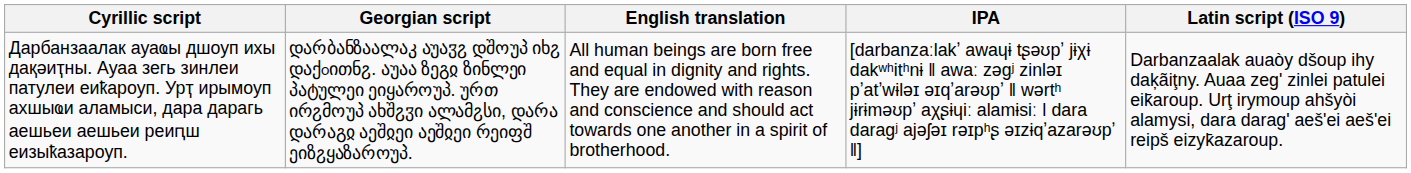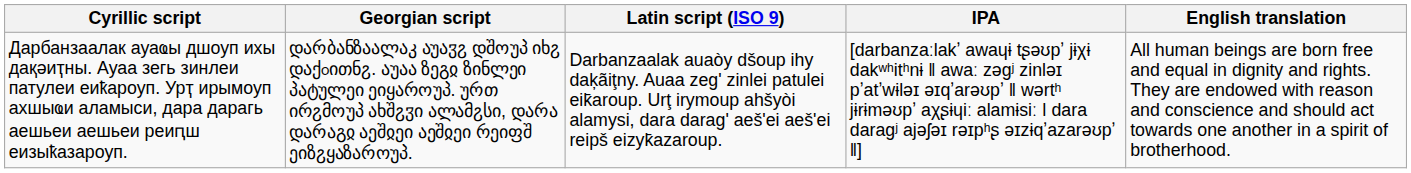 <table class="wikitable" style="table-layout:fixed;width:100%">
 <tr>
 <th>Cyrillic script</th>
 <th>Georgian script</th>
+<th>Latin script (<a href='#'>ISO 9</a>)</th>
+<th>IPA</th>
 <th>English translation</th>
-<th>IPA</th>
-<th>Latin script (<a href='#'>ISO 9</a>)</th>
 </tr>
 <tr>
 <td>Дарбанзаалак ауаҩы дшоуп ихы дақәиҭны. Ауаа зегь зинлеи патулеи еиҟароуп. Урҭ ирымоуп ахшыҩи аламыси, дара дарагь аешьеи аешьеи реиԥш еизыҟазароуп.</td>
 <td>დარბანზაალაკ აუაჳჷ დშოუპ იხჷ დაქჿითნჷ. აუაა ზეგჲ ზინლეი პატულეი ეიყაროუპ. ურთ ირჷმოუპ ახშჷჳი ალამჷსი, დარა დარაგჲ აეშჲეი აეშჲეი რეიფშ ეიზჷყაზაროუპ.</td>
+<td>Darbanzaalak auaòy dšoup ihy daķãiţny. Auaa zegʹ zinlei patulei eik̄aroup. Urţ irymoup ahšyòi alamysi, dara daragʹ aešʹei aešʹei reipš eizyk̄azaroup.</td>
+<td>[darbanzaːlakʼ awaɥɨ tʂəʊpʼ jɨχɨ dakʷʰitʰnɨ ǁ awaː zəgʲ zinləɪ pʼatʼwɨləɪ əɪqʼarəʊpʼ ǁ wərtʰ jɨrɨməʊpʼ aχʂɨɥiː alamɨsiː ǀ dara daragʲ ajəʃəɪ rəɪpʰʂ əɪzɨqʼazarəʊpʼ ǁ]</td>
 <td>All human beings are born free and equal in dignity and rights. They are endowed with reason and conscience and should act towards one another in a spirit of brotherhood.</td>
-<td>[darbanzaːlakʼ awaɥɨ tʂəʊpʼ jɨχɨ dakʷʰitʰnɨ ǁ awaː zəgʲ zinləɪ pʼatʼwɨləɪ əɪqʼarəʊpʼ ǁ wərtʰ jɨrɨməʊpʼ aχʂɨɥiː alamɨsiː ǀ dara daragʲ ajəʃəɪ rəɪpʰʂ əɪzɨqʼazarəʊpʼ ǁ]</td>
-<td>Darbanzaalak auaòy dšoup ihy daķãiţny. Auaa zegʹ zinlei patulei eik̄aroup. Urţ irymoup ahšyòi alamysi, dara daragʹ aešʹei aešʹei reipš eizyk̄azaroup.</td>
 </tr>
 </table>
